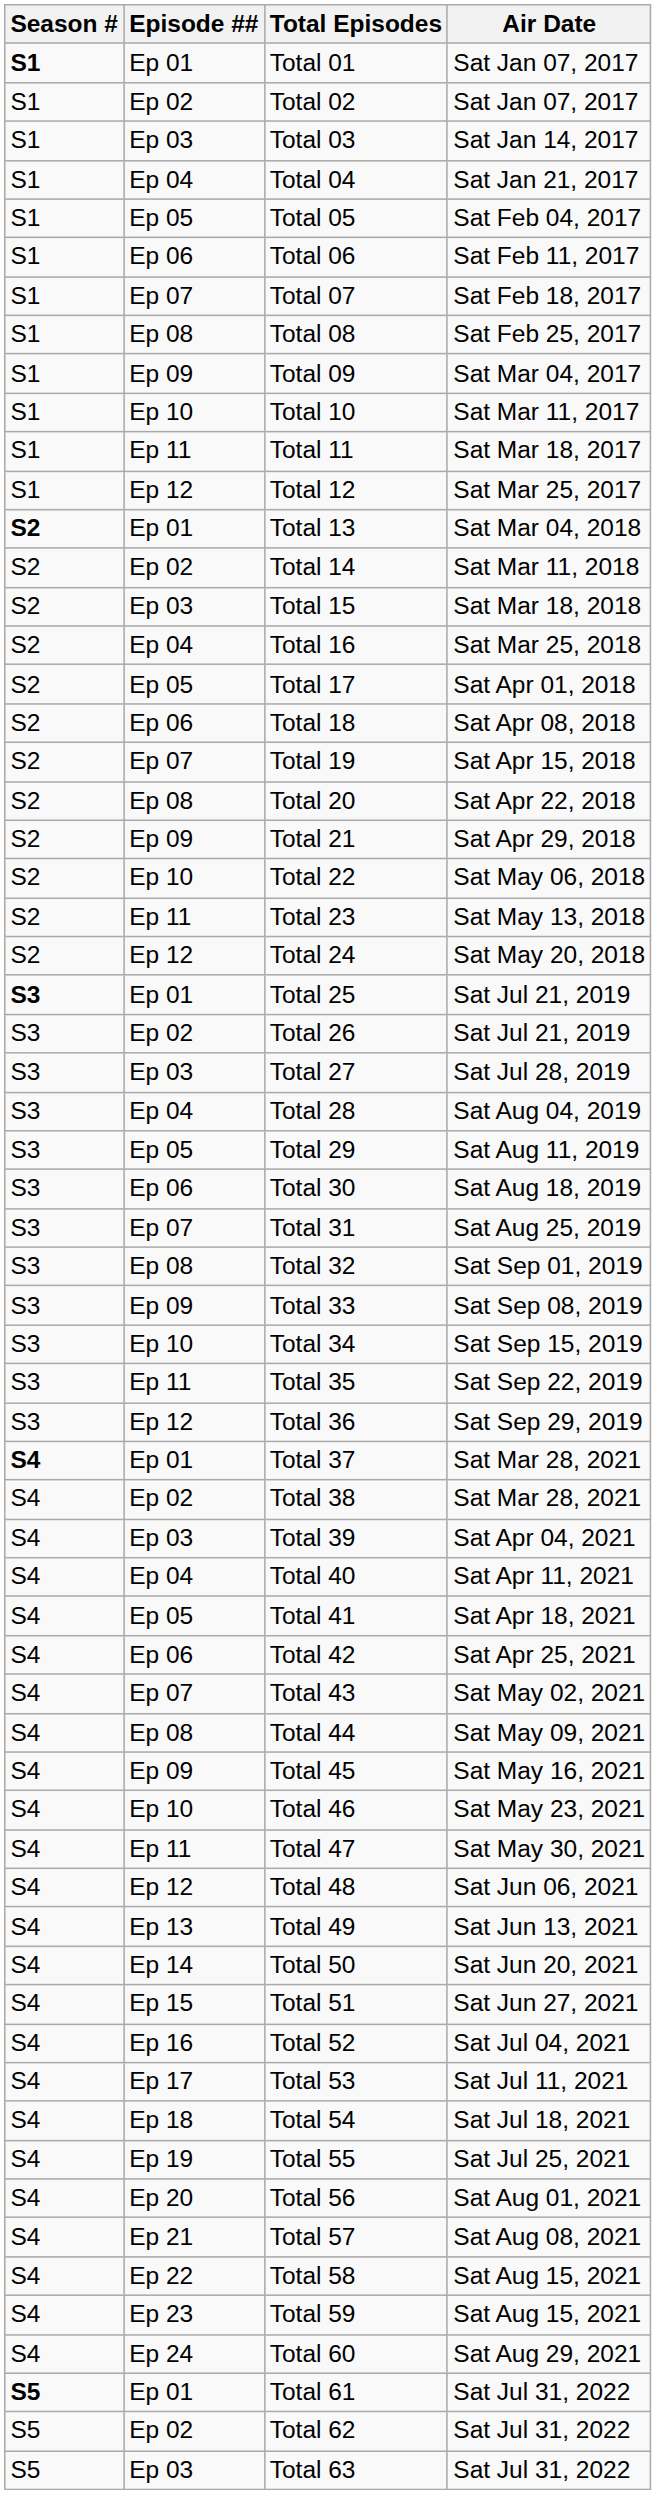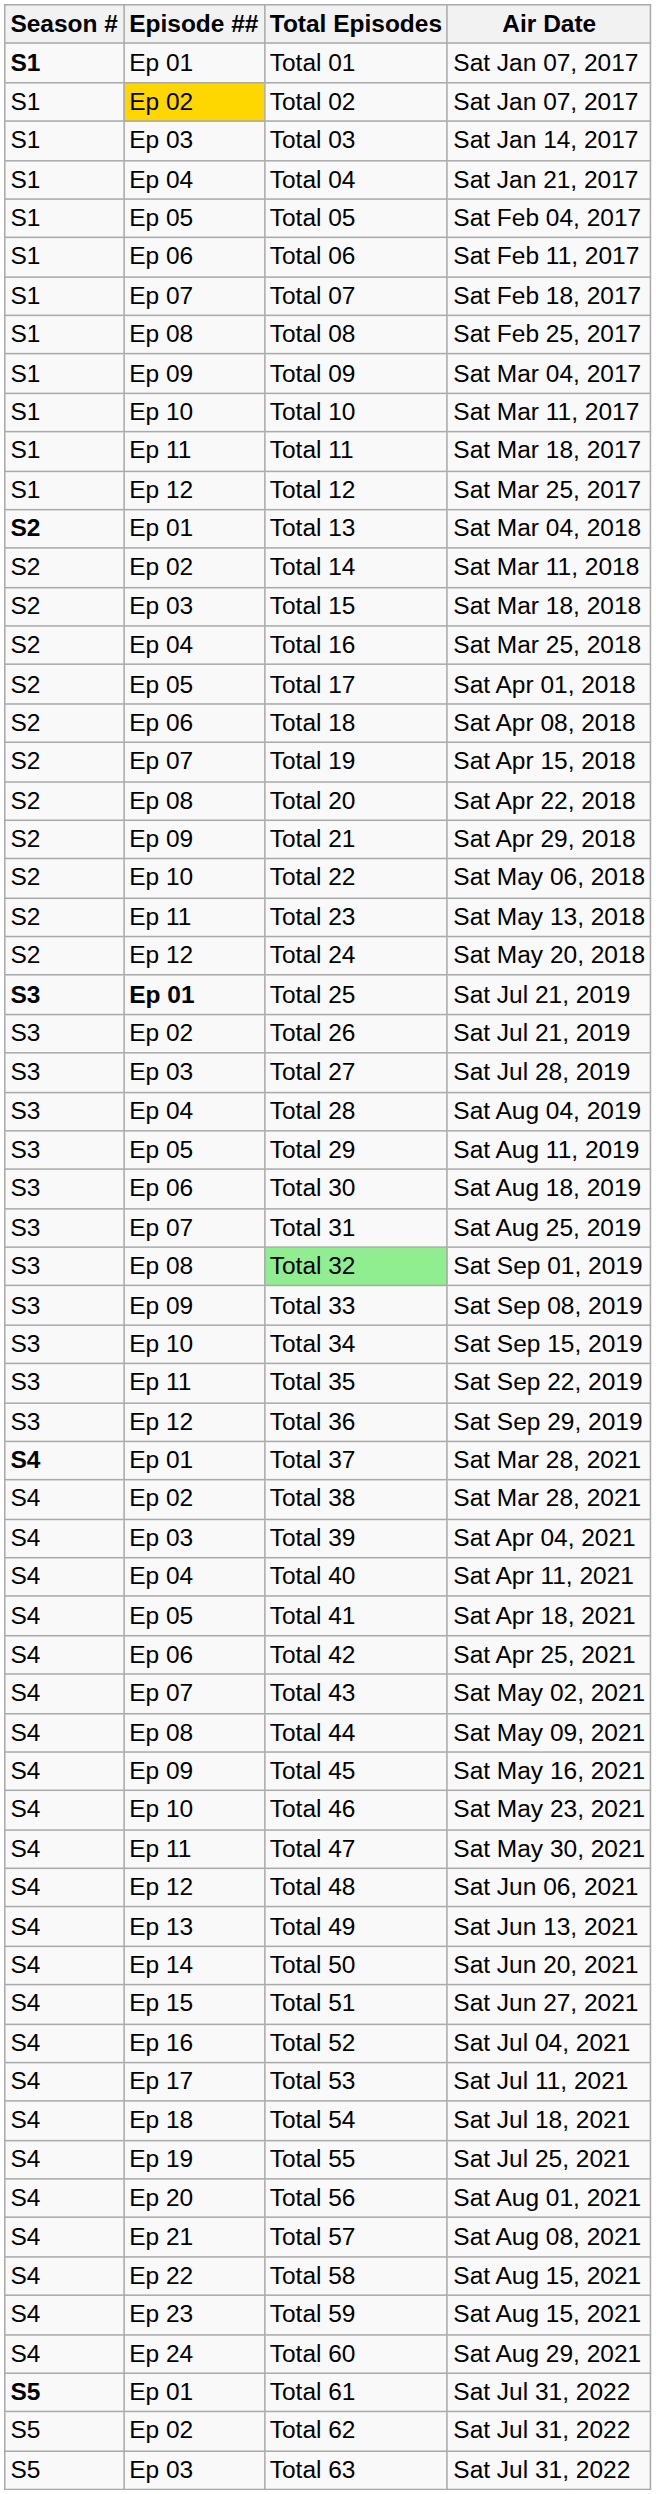 <table class="wikitable">
 <tr>
 <th>Season #</th>
 <th>Episode ##</th>
 <th>Total Episodes</th>
 <th>Air Date</th>
 </tr>
 <tr>
 <td><strong>S1</strong></td>
 <td>Ep 01</td>
 <td>Total 01</td>
 <td>Sat Jan 07, 2017</td>
 </tr>
 <tr>
 <td>S1</td>
-<td>Ep 02</td>
+<td style="background: gold;">Ep 02</td>
 <td>Total 02</td>
 <td>Sat Jan 07, 2017</td>
 </tr>
 <tr>
 <td>S1</td>
 <td>Ep 03</td>
 <td>Total 03</td>
 <td>Sat Jan 14, 2017</td>
 </tr>
 <tr>
 <td>S1</td>
 <td>Ep 04</td>
 <td>Total 04</td>
 <td>Sat Jan 21, 2017</td>
 </tr>
 <tr>
 <td>S1</td>
 <td>Ep 05</td>
 <td>Total 05</td>
 <td>Sat Feb 04, 2017</td>
 </tr>
 <tr>
 <td>S1</td>
 <td>Ep 06</td>
 <td>Total 06</td>
 <td>Sat Feb 11, 2017</td>
 </tr>
 <tr>
 <td>S1</td>
 <td>Ep 07</td>
 <td>Total 07</td>
 <td>Sat Feb 18, 2017</td>
 </tr>
 <tr>
 <td>S1</td>
 <td>Ep 08</td>
 <td>Total 08</td>
 <td>Sat Feb 25, 2017</td>
 </tr>
 <tr>
 <td>S1</td>
 <td>Ep 09</td>
 <td>Total 09</td>
 <td>Sat Mar 04, 2017</td>
 </tr>
 <tr>
 <td>S1</td>
 <td>Ep 10</td>
 <td>Total 10</td>
 <td>Sat Mar 11, 2017</td>
 </tr>
 <tr>
 <td>S1</td>
 <td>Ep 11</td>
 <td>Total 11</td>
 <td>Sat Mar 18, 2017</td>
 </tr>
 <tr>
 <td>S1</td>
 <td>Ep 12</td>
 <td>Total 12</td>
 <td>Sat Mar 25, 2017</td>
 </tr>
 <tr>
 <td><strong>S2</strong></td>
 <td>Ep 01</td>
 <td>Total 13</td>
 <td>Sat Mar 04, 2018</td>
 </tr>
 <tr>
 <td>S2</td>
 <td>Ep 02</td>
 <td>Total 14</td>
 <td>Sat Mar 11, 2018</td>
 </tr>
 <tr>
 <td>S2</td>
 <td>Ep 03</td>
 <td>Total 15</td>
 <td>Sat Mar 18, 2018</td>
 </tr>
 <tr>
 <td>S2</td>
 <td>Ep 04</td>
 <td>Total 16</td>
 <td>Sat Mar 25, 2018</td>
 </tr>
 <tr>
 <td>S2</td>
 <td>Ep 05</td>
 <td>Total 17</td>
 <td>Sat Apr 01, 2018</td>
 </tr>
 <tr>
 <td>S2</td>
 <td>Ep 06</td>
 <td>Total 18</td>
 <td>Sat Apr 08, 2018</td>
 </tr>
 <tr>
 <td>S2</td>
 <td>Ep 07</td>
 <td>Total 19</td>
 <td>Sat Apr 15, 2018</td>
 </tr>
 <tr>
 <td>S2</td>
 <td>Ep 08</td>
 <td>Total 20</td>
 <td>Sat Apr 22, 2018</td>
 </tr>
 <tr>
 <td>S2</td>
 <td>Ep 09</td>
 <td>Total 21</td>
 <td>Sat Apr 29, 2018</td>
 </tr>
 <tr>
 <td>S2</td>
 <td>Ep 10</td>
 <td>Total 22</td>
 <td>Sat May 06, 2018</td>
 </tr>
 <tr>
 <td>S2</td>
 <td>Ep 11</td>
 <td>Total 23</td>
 <td>Sat May 13, 2018</td>
 </tr>
 <tr>
 <td>S2</td>
 <td>Ep 12</td>
 <td>Total 24</td>
 <td>Sat May 20, 2018</td>
 </tr>
 <tr>
 <td><strong>S3</strong></td>
-<td>Ep 01</td>
+<td><strong>Ep 01</strong></td>
 <td>Total 25</td>
 <td>Sat Jul 21, 2019</td>
 </tr>
 <tr>
 <td>S3</td>
 <td>Ep 02</td>
 <td>Total 26</td>
 <td>Sat Jul 21, 2019</td>
 </tr>
 <tr>
 <td>S3</td>
 <td>Ep 03</td>
 <td>Total 27</td>
 <td>Sat Jul 28, 2019</td>
 </tr>
 <tr>
 <td>S3</td>
 <td>Ep 04</td>
 <td>Total 28</td>
 <td>Sat Aug 04, 2019</td>
 </tr>
 <tr>
 <td>S3</td>
 <td>Ep 05</td>
 <td>Total 29</td>
 <td>Sat Aug 11, 2019</td>
 </tr>
 <tr>
 <td>S3</td>
 <td>Ep 06</td>
 <td>Total 30</td>
 <td>Sat Aug 18, 2019</td>
 </tr>
 <tr>
 <td>S3</td>
 <td>Ep 07</td>
 <td>Total 31</td>
 <td>Sat Aug 25, 2019</td>
 </tr>
 <tr>
 <td>S3</td>
 <td>Ep 08</td>
-<td>Total 32</td>
+<td style="background: lightgreen;">Total 32</td>
 <td>Sat Sep 01, 2019</td>
 </tr>
 <tr>
 <td>S3</td>
 <td>Ep 09</td>
 <td>Total 33</td>
 <td>Sat Sep 08, 2019</td>
 </tr>
 <tr>
 <td>S3</td>
 <td>Ep 10</td>
 <td>Total 34</td>
 <td>Sat Sep 15, 2019</td>
 </tr>
 <tr>
 <td>S3</td>
 <td>Ep 11</td>
 <td>Total 35</td>
 <td>Sat Sep 22, 2019</td>
 </tr>
 <tr>
 <td>S3</td>
 <td>Ep 12</td>
 <td>Total 36</td>
 <td>Sat Sep 29, 2019</td>
 </tr>
 <tr>
 <td><strong>S4</strong></td>
 <td>Ep 01</td>
 <td>Total 37</td>
 <td>Sat Mar 28, 2021</td>
 </tr>
 <tr>
 <td>S4</td>
 <td>Ep 02</td>
 <td>Total 38</td>
 <td>Sat Mar 28, 2021</td>
 </tr>
 <tr>
 <td>S4</td>
 <td>Ep 03</td>
 <td>Total 39</td>
 <td>Sat Apr 04, 2021</td>
 </tr>
 <tr>
 <td>S4</td>
 <td>Ep 04</td>
 <td>Total 40</td>
 <td>Sat Apr 11, 2021</td>
 </tr>
 <tr>
 <td>S4</td>
 <td>Ep 05</td>
 <td>Total 41</td>
 <td>Sat Apr 18, 2021</td>
 </tr>
 <tr>
 <td>S4</td>
 <td>Ep 06</td>
 <td>Total 42</td>
 <td>Sat Apr 25, 2021</td>
 </tr>
 <tr>
 <td>S4</td>
 <td>Ep 07</td>
 <td>Total 43</td>
 <td>Sat May 02, 2021</td>
 </tr>
 <tr>
 <td>S4</td>
 <td>Ep 08</td>
 <td>Total 44</td>
 <td>Sat May 09, 2021</td>
 </tr>
 <tr>
 <td>S4</td>
 <td>Ep 09</td>
 <td>Total 45</td>
 <td>Sat May 16, 2021</td>
 </tr>
 <tr>
 <td>S4</td>
 <td>Ep 10</td>
 <td>Total 46</td>
 <td>Sat May 23, 2021</td>
 </tr>
 <tr>
 <td>S4</td>
 <td>Ep 11</td>
 <td>Total 47</td>
 <td>Sat May 30, 2021</td>
 </tr>
 <tr>
 <td>S4</td>
 <td>Ep 12</td>
 <td>Total 48</td>
 <td>Sat Jun 06, 2021</td>
 </tr>
 <tr>
 <td>S4</td>
 <td>Ep 13</td>
 <td>Total 49</td>
 <td>Sat Jun 13, 2021</td>
 </tr>
 <tr>
 <td>S4</td>
 <td>Ep 14</td>
 <td>Total 50</td>
 <td>Sat Jun 20, 2021</td>
 </tr>
 <tr>
 <td>S4</td>
 <td>Ep 15</td>
 <td>Total 51</td>
 <td>Sat Jun 27, 2021</td>
 </tr>
 <tr>
 <td>S4</td>
 <td>Ep 16</td>
 <td>Total 52</td>
 <td>Sat Jul 04, 2021</td>
 </tr>
 <tr>
 <td>S4</td>
 <td>Ep 17</td>
 <td>Total 53</td>
 <td>Sat Jul 11, 2021</td>
 </tr>
 <tr>
 <td>S4</td>
 <td>Ep 18</td>
 <td>Total 54</td>
 <td>Sat Jul 18, 2021</td>
 </tr>
 <tr>
 <td>S4</td>
 <td>Ep 19</td>
 <td>Total 55</td>
 <td>Sat Jul 25, 2021</td>
 </tr>
 <tr>
 <td>S4</td>
 <td>Ep 20</td>
 <td>Total 56</td>
 <td>Sat Aug 01, 2021</td>
 </tr>
 <tr>
 <td>S4</td>
 <td>Ep 21</td>
 <td>Total 57</td>
 <td>Sat Aug 08, 2021</td>
 </tr>
 <tr>
 <td>S4</td>
 <td>Ep 22</td>
 <td>Total 58</td>
 <td>Sat Aug 15, 2021</td>
 </tr>
 <tr>
 <td>S4</td>
 <td>Ep 23</td>
 <td>Total 59</td>
 <td>Sat Aug 15, 2021</td>
 </tr>
 <tr>
 <td>S4</td>
 <td>Ep 24</td>
 <td>Total 60</td>
 <td>Sat Aug 29, 2021</td>
 </tr>
 <tr>
 <td><strong>S5</strong></td>
 <td>Ep 01</td>
 <td>Total 61</td>
 <td>Sat Jul 31, 2022</td>
 </tr>
 <tr>
 <td>S5</td>
 <td>Ep 02</td>
 <td>Total 62</td>
 <td>Sat Jul 31, 2022</td>
 </tr>
 <tr>
 <td>S5</td>
 <td>Ep 03</td>
 <td>Total 63</td>
 <td>Sat Jul 31, 2022</td>
 </tr>
 </table>
